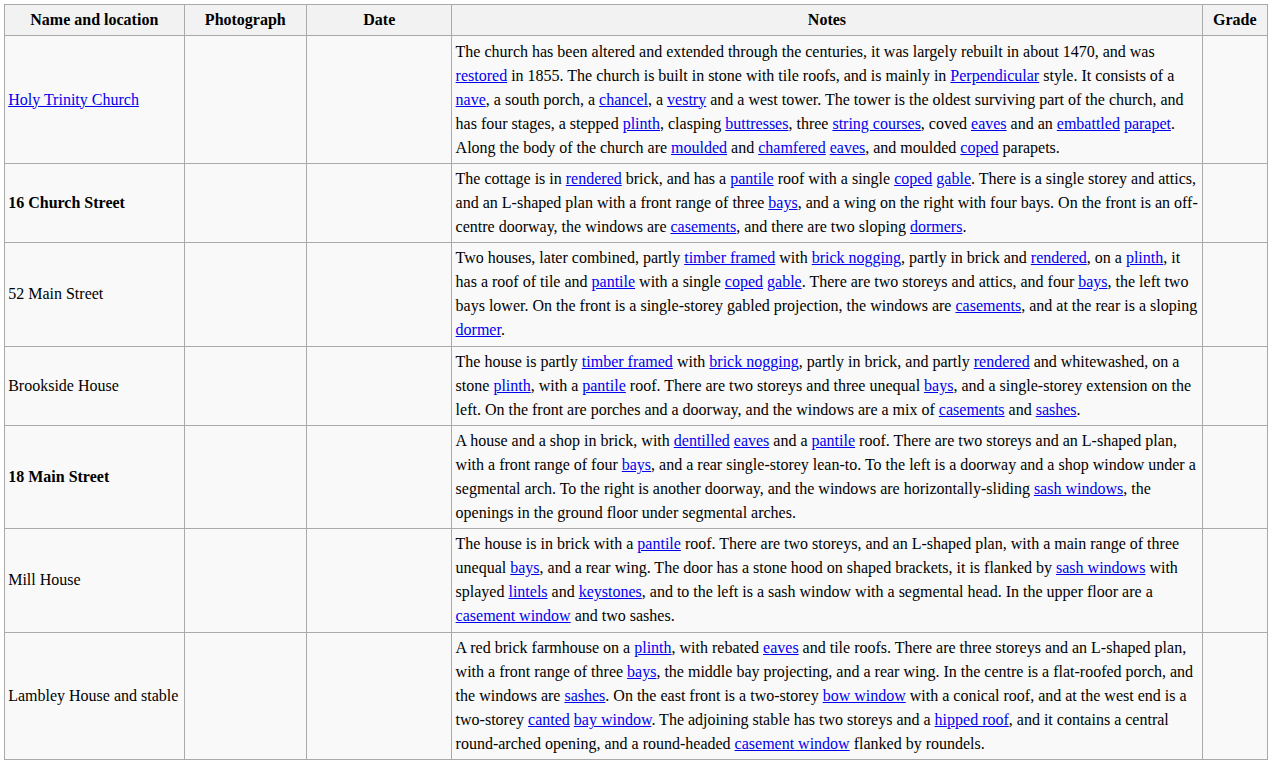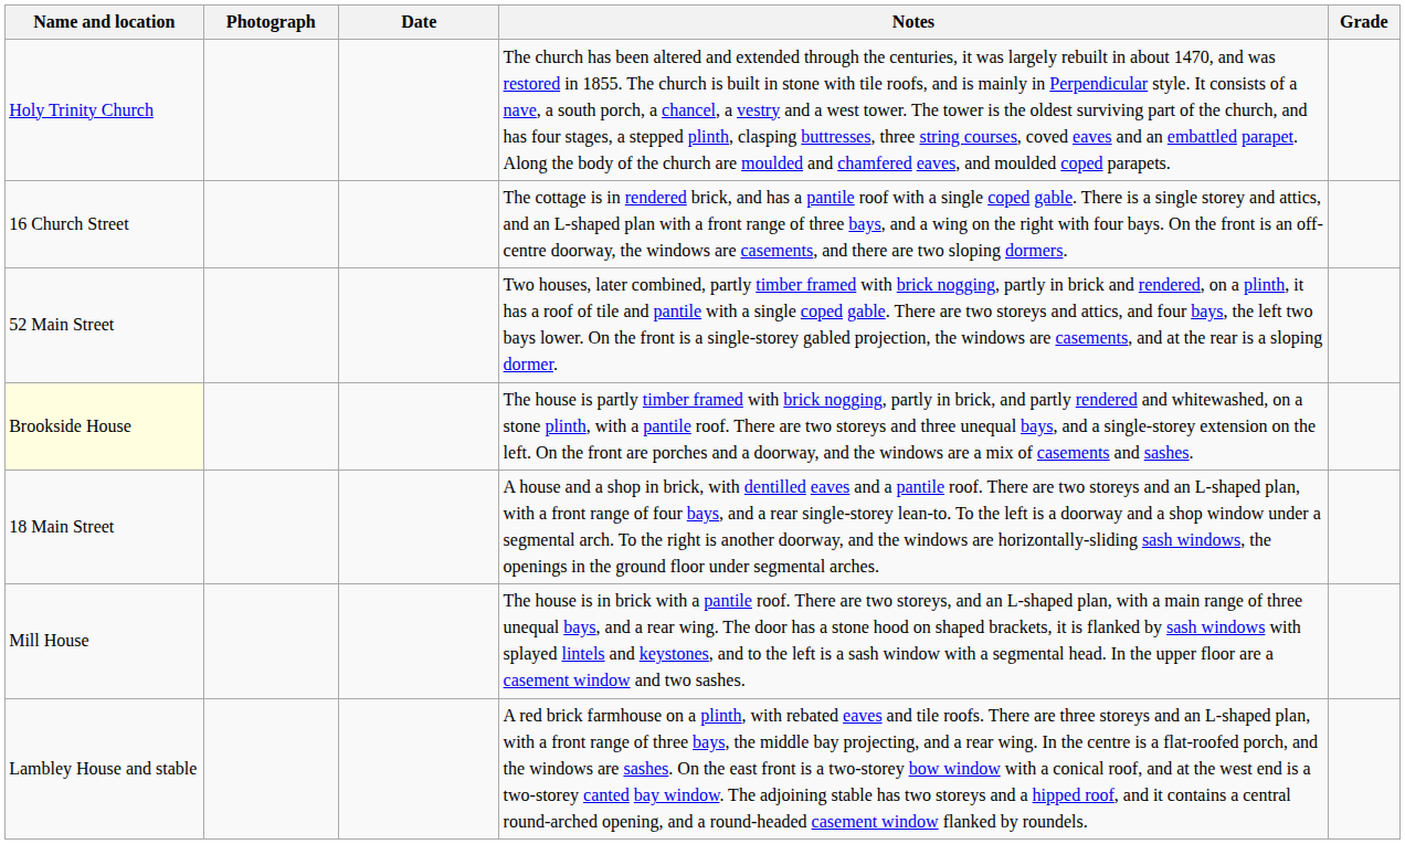 <table class="wikitable sortable plainrowheaders" style="width:100%; border:0px; text-align:left; line-height:150%">
 <tr>
 <th scope="col"  style="width:150px">Name and location</th>
 <th scope="col"  style="width:100px" class="unsortable">Photograph</th>
 <th scope="col"  style="width:120px">Date</th>
 <th scope="col"  style="width:650px" class="unsortable">Notes</th>
 <th scope="col"  style="width:50px">Grade</th>
 </tr>
 <tr>
 <td><a href='#'>Holy Trinity Church</a><br><small></small></td>
 <td></td>
 <td align="center"></td>
 <td>The church has been altered and extended through the centuries, it was largely rebuilt in about 1470, and was <a href='#'>restored</a> in 1855.  The church is built in stone with tile roofs, and is mainly in <a href='#'>Perpendicular</a> style.  It consists of a <a href='#'>nave</a>, a south porch, a <a href='#'>chancel</a>, a <a href='#'>vestry</a> and a west tower.  The tower is the oldest surviving part of the church, and has four stages, a stepped <a href='#'>plinth</a>, clasping <a href='#'>buttresses</a>, three <a href='#'>string courses</a>, coved <a href='#'>eaves</a> and an <a href='#'>embattled</a> <a href='#'>parapet</a>.  Along the body of the church are <a href='#'>moulded</a> and <a href='#'>chamfered</a> <a href='#'>eaves</a>, and moulded <a href='#'>coped</a> parapets.</td>
 <td align="center" ></td>
 </tr>
 <tr>
-<td><strong>16 Church Street<br><small></small></strong></td>
+<td>16 Church Street<br><small></small></td>
 <td></td>
 <td align="center"></td>
 <td>The cottage is in <a href='#'>rendered</a> brick, and has a <a href='#'>pantile</a> roof with a single <a href='#'>coped</a> <a href='#'>gable</a>.  There is a single storey and attics, and an L-shaped plan with a front range of three <a href='#'>bays</a>, and a wing on the right with four bays.  On the front is an off-centre doorway, the windows are <a href='#'>casements</a>, and there are two sloping <a href='#'>dormers</a>.</td>
 <td align="center" ></td>
 </tr>
 <tr>
 <td>52 Main Street<br><small></small></td>
 <td></td>
 <td align="center"></td>
 <td>Two houses, later combined, partly <a href='#'>timber framed</a> with <a href='#'>brick nogging</a>, partly in brick and <a href='#'>rendered</a>, on a <a href='#'>plinth</a>, it has a roof of tile and <a href='#'>pantile</a> with a single <a href='#'>coped</a> <a href='#'>gable</a>.  There are two storeys and attics, and four <a href='#'>bays</a>, the left two bays lower.  On the front is a single-storey gabled projection, the windows are <a href='#'>casements</a>, and at the rear is a sloping <a href='#'>dormer</a>.</td>
 <td align="center" ></td>
 </tr>
 <tr>
-<td>Brookside House<br><small></small></td>
+<td style="background: lightyellow;">Brookside House<br><small></small></td>
 <td></td>
 <td align="center"></td>
 <td>The house is partly <a href='#'>timber framed</a> with <a href='#'>brick nogging</a>, partly in brick, and partly <a href='#'>rendered</a> and whitewashed, on a stone <a href='#'>plinth</a>, with a <a href='#'>pantile</a> roof.  There are two storeys and three unequal <a href='#'>bays</a>, and a single-storey extension on the left.  On the front are porches and a doorway, and the windows are a mix of <a href='#'>casements</a> and <a href='#'>sashes</a>.</td>
 <td align="center" ></td>
 </tr>
 <tr>
-<td><strong>18 Main Street<br><small></small></strong></td>
+<td>18 Main Street<br><small></small></td>
 <td></td>
 <td align="center"></td>
 <td>A house and a shop in brick, with <a href='#'>dentilled</a> <a href='#'>eaves</a> and a <a href='#'>pantile</a> roof.  There are two storeys and an L-shaped plan, with a front range of four <a href='#'>bays</a>, and a rear single-storey lean-to.  To the left is a doorway and a shop window under a segmental arch.  To the right is another doorway, and the windows are horizontally-sliding <a href='#'>sash windows</a>, the openings in the ground floor under segmental arches.</td>
 <td align="center" ></td>
 </tr>
 <tr>
 <td>Mill House<br><small></small></td>
 <td></td>
 <td align="center"></td>
 <td>The house is in brick with a <a href='#'>pantile</a> roof.  There are two storeys, and an L-shaped plan, with a main range of three unequal <a href='#'>bays</a>, and a rear wing.  The door has a stone hood on shaped brackets, it is flanked by <a href='#'>sash windows</a> with splayed <a href='#'>lintels</a> and <a href='#'>keystones</a>, and to the left is a sash window with a segmental head.  In the upper floor are a <a href='#'>casement window</a> and two sashes.</td>
 <td align="center" ></td>
 </tr>
 <tr>
 <td>Lambley House and stable<br><small></small></td>
 <td></td>
 <td align="center"></td>
 <td>A red brick farmhouse on a <a href='#'>plinth</a>, with rebated <a href='#'>eaves</a> and tile roofs.  There are three storeys and an L-shaped plan, with a front range of three <a href='#'>bays</a>, the middle bay projecting, and a rear wing. In the centre is a flat-roofed porch, and the windows are <a href='#'>sashes</a>.  On the east front is a two-storey <a href='#'>bow window</a> with a conical roof, and at the west end is a two-storey <a href='#'>canted</a> <a href='#'>bay window</a>.  The adjoining stable has two storeys and a <a href='#'>hipped roof</a>, and it contains a central round-arched opening, and a round-headed <a href='#'>casement window</a> flanked by roundels.</td>
 <td align="center" ></td>
 </tr>
 <tr>
 </tr>
 </table>
